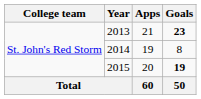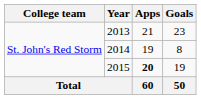 <table class="wikitable" style="text-align:center">
 <tr>
 <th>College team</th>
 <th>Year</th>
 <th>Apps</th>
 <th>Goals</th>
 </tr>
 <tr>
 <td rowspan="3"><a href='#'>St. John's Red Storm</a></td>
 <td>2013</td>
 <td>21</td>
-<td><strong>23</strong></td>
+<td>23</td>
 </tr>
 <tr>
 <td>2014</td>
 <td>19</td>
 <td>8</td>
 </tr>
 <tr>
 <td>2015</td>
-<td>20</td>
-<td><strong>19</strong></td>
+<td><strong>20</strong></td>
+<td>19</td>
 </tr>
 <tr>
 <th colspan=2>Total</th>
 <th>60</th>
 <th>50</th>
 </tr>
 </table>
